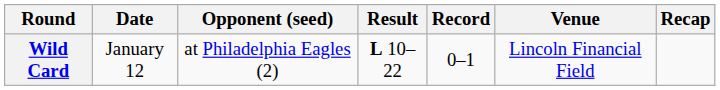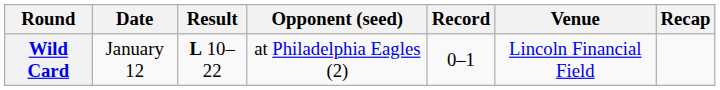 <table class="wikitable" style="text-align:center">
 <tr>
 <th>Round</th>
 <th>Date</th>
+<th>Result</th>
 <th>Opponent (seed)</th>
-<th>Result</th>
 <th>Record</th>
 <th>Venue</th>
 <th>Recap</th>
 </tr>
 <tr>
 <th><a href='#'>Wild Card</a></th>
 <td>January 12</td>
+<td><strong>L</strong> 10–22</td>
 <td>at <a href='#'>Philadelphia Eagles</a> (2)</td>
-<td><strong>L</strong> 10–22</td>
 <td>0–1</td>
 <td><a href='#'>Lincoln Financial Field</a></td>
 <td></td>
 </tr>
 </table>
